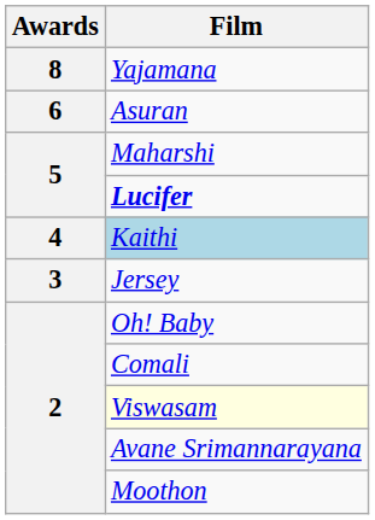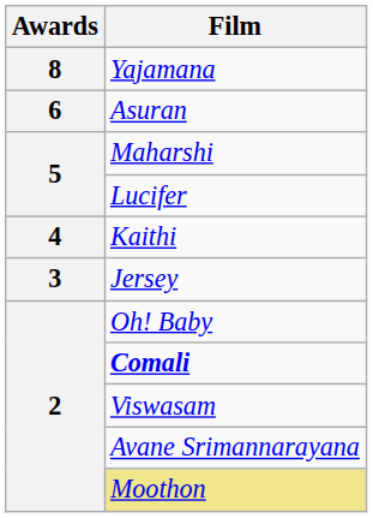 <table class="wikitable" style="display:inline-table;">
 <tr>
 <th>Awards</th>
 <th>Film</th>
 </tr>
 <tr>
 <th>8</th>
 <td><a href='#'><em>Yajamana</em></a></td>
 </tr>
 <tr>
 <th>6</th>
 <td><a href='#'><em>Asuran</em></a></td>
 </tr>
 <tr>
 <th rowspan="2" scope="row">5</th>
 <td><a href='#'><em>Maharshi</em></a></td>
 </tr>
 <tr>
-<td><strong><a href='#'><em>Lucifer</em></a></strong></td>
+<td><a href='#'><em>Lucifer</em></a></td>
 </tr>
 <tr>
 <th scope="row">4</th>
-<td style="background: lightblue;"><a href='#'><em>Kaithi</em></a></td>
+<td><a href='#'><em>Kaithi</em></a></td>
 </tr>
 <tr>
 <th>3</th>
 <td><a href='#'><em>Jersey</em></a></td>
 </tr>
 <tr>
 <th rowspan="5">2</th>
 <td><em><a href='#'>Oh! Baby</a></em></td>
 </tr>
 <tr>
-<td><em><a href='#'>Comali</a></em></td>
+<td><strong><em><a href='#'>Comali</a></em></strong></td>
 </tr>
 <tr>
-<td style="background: lightyellow;"><em><a href='#'>Viswasam</a></em></td>
+<td><em><a href='#'>Viswasam</a></em></td>
 </tr>
 <tr>
 <td><em><a href='#'>Avane Srimannarayana</a></em></td>
 </tr>
 <tr>
-<td><em><a href='#'>Moothon</a></em></td>
+<td style="background: khaki;"><em><a href='#'>Moothon</a></em></td>
 </tr>
 </table>
